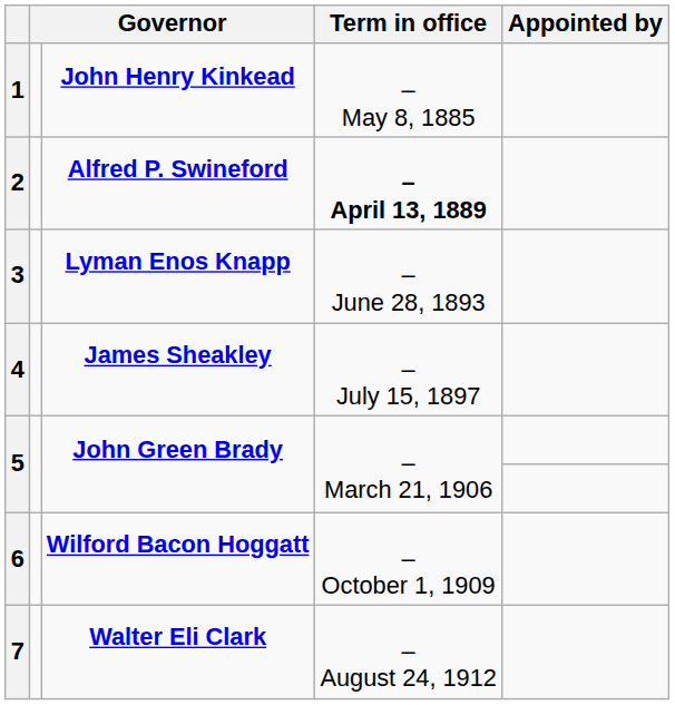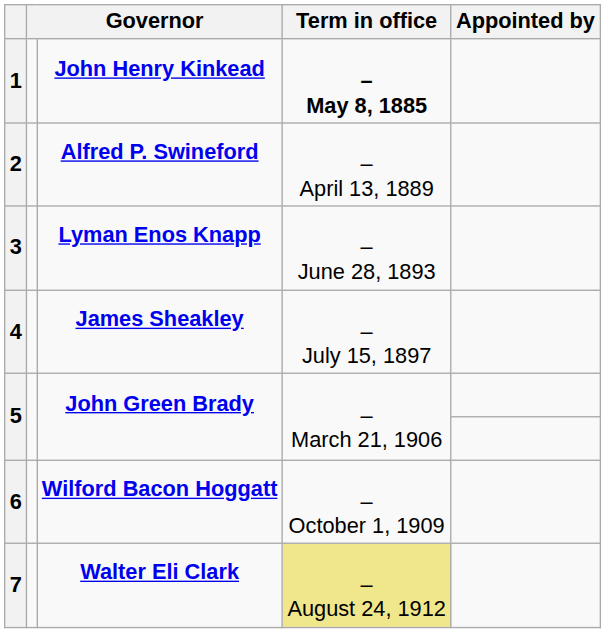 <table class="wikitable sortable mw-collapsible sticky-header-multi" style="text-align:center;">
 <tr>
 <th scope="col" data-sort-type="number"></th>
 <th scope="colgroup" colspan="2">Governor</th>
 <th scope="col">Term in office</th>
 <th scope="col">Appointed by</th>
 </tr>
 <tr style="height:2em;">
 <th scope="row">1</th>
 <td data-sort-value="Kinkead, John"></td>
 <td><strong><a href='#'>John Henry Kinkead</a></strong><br><br></td>
-<td><br>–<br>May 8, 1885<br></td>
+<td><strong><br>–<br>May 8, 1885<br></strong></td>
 <td></td>
 </tr>
 <tr style="height:2em;">
 <th scope="row">2</th>
 <td data-sort-value="Swineford, Alfred"></td>
 <td><strong><a href='#'>Alfred P. Swineford</a></strong><br><br></td>
-<td><strong><br>–<br>April 13, 1889<br></strong></td>
+<td><br>–<br>April 13, 1889<br></td>
 <td></td>
 </tr>
 <tr style="height:2em;">
 <th scope="row">3</th>
 <td data-sort-value="Knapp, Lyman"></td>
 <td><strong><a href='#'>Lyman Enos Knapp</a></strong><br><br></td>
 <td><br>–<br>June 28, 1893<br></td>
 <td></td>
 </tr>
 <tr style="height:2em;">
 <th scope="row">4</th>
 <td data-sort-value="Sheakley, James"></td>
 <td><strong><a href='#'>James Sheakley</a></strong><br><br></td>
 <td><br>–<br>July 15, 1897<br></td>
 <td></td>
 </tr>
 <tr style="height:2em;">
 <th rowspan="2" scope="rowgroup">5</th>
 <td rowspan="2" data-sort-value="Brady, John"></td>
 <td rowspan="2"><strong><a href='#'>John Green Brady</a></strong><br><br></td>
 <td rowspan="2"><br>–<br>March 21, 1906<br></td>
 <td></td>
 </tr>
 <tr style="height:2em;">
 <td></td>
 </tr>
 <tr style="height:2em;">
 <th scope="row">6</th>
 <td data-sort-value="Hoggatt, Wilford"></td>
 <td><strong><a href='#'>Wilford Bacon Hoggatt</a></strong><br><br></td>
 <td><br>–<br>October 1, 1909<br></td>
 <td></td>
 </tr>
 <tr style="height:2em;">
 <th scope="row">7</th>
 <td data-sort-value="Clark, Walter"></td>
 <td><strong><a href='#'>Walter Eli Clark</a></strong><br><br></td>
-<td><br>–<br>August 24, 1912<br></td>
+<td style="background: khaki;"><br>–<br>August 24, 1912<br></td>
 <td></td>
 </tr>
 </table>
